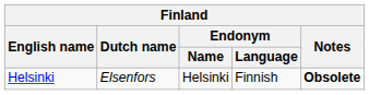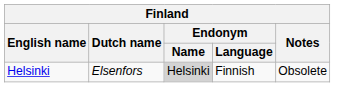 <table class="wikitable sortable">
 <tr>
 <th colspan="5"> Finland</th>
 </tr>
 <tr>
 <th rowspan="2">English name</th>
 <th rowspan="2">Dutch name</th>
 <th colspan="2">Endonym</th>
 <th rowspan="2">Notes</th>
 </tr>
 <tr>
 <th>Name</th>
 <th>Language</th>
 </tr>
 <tr>
 <td><a href='#'>Helsinki</a></td>
 <td><em>Elsenfors</em></td>
-<td>Helsinki</td>
+<td style="background: lightgrey;">Helsinki</td>
 <td>Finnish</td>
-<td><strong>Obsolete</strong></td>
+<td>Obsolete</td>
 </tr>
 </table>
